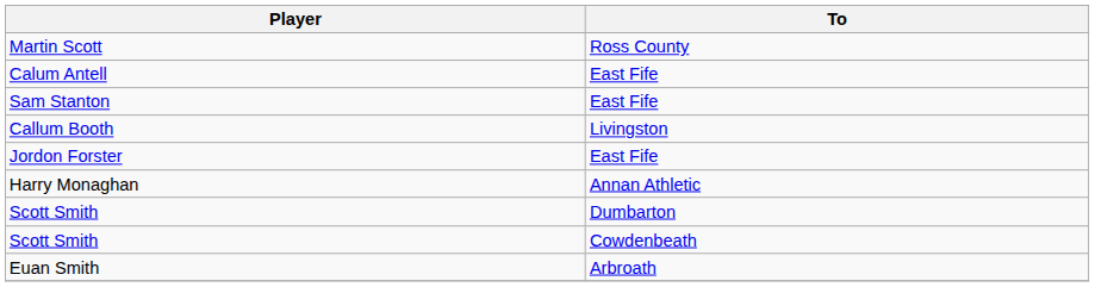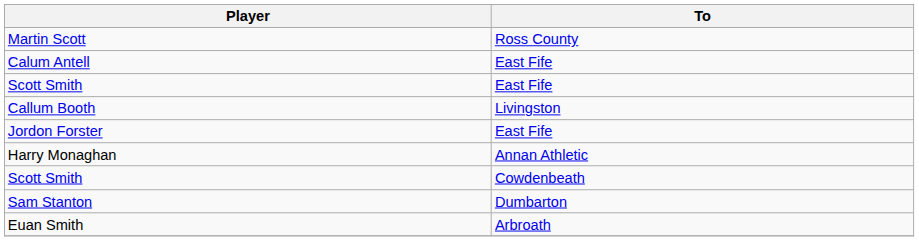 <table class="wikitable" style="text-align:center; font-size:95%;width:75%; text-align:left">
 <tr>
 <th><strong>Player</strong></th>
 <th><strong>To</strong></th>
 </tr>
 <tr>
 <td> <a href='#'>Martin Scott</a></td>
 <td> <a href='#'>Ross County</a></td>
 </tr>
 <tr>
 <td> <a href='#'>Calum Antell</a></td>
 <td> <a href='#'>East Fife</a></td>
 </tr>
 <tr>
-<td> <a href='#'>Sam Stanton</a></td>
+<td> <a href='#'>Scott Smith</a></td>
 <td> <a href='#'>East Fife</a></td>
 </tr>
 <tr>
 <td> <a href='#'>Callum Booth</a></td>
 <td> <a href='#'>Livingston</a></td>
 </tr>
 <tr>
 <td> <a href='#'>Jordon Forster</a></td>
 <td> <a href='#'>East Fife</a></td>
 </tr>
 <tr>
 <td> Harry Monaghan</td>
 <td> <a href='#'>Annan Athletic</a></td>
 </tr>
 <tr>
 <td> <a href='#'>Scott Smith</a></td>
-<td> <a href='#'>Dumbarton</a></td>
+<td> <a href='#'>Cowdenbeath</a></td>
 </tr>
 <tr>
-<td> <a href='#'>Scott Smith</a></td>
-<td> <a href='#'>Cowdenbeath</a></td>
+<td> <a href='#'>Sam Stanton</a></td>
+<td> <a href='#'>Dumbarton</a></td>
 </tr>
 <tr>
 <td> Euan Smith</td>
 <td> <a href='#'>Arbroath</a></td>
 </tr>
 <tr>
 </tr>
 </table>
